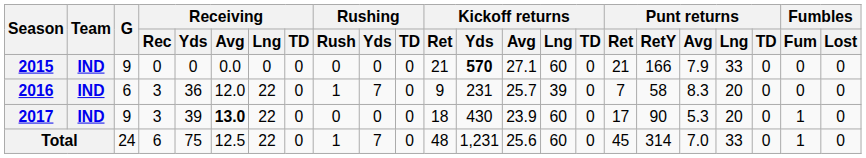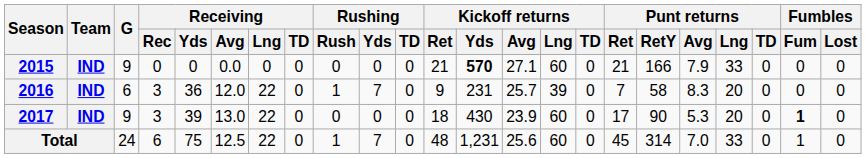 <table class=wikitable style="text-align:center;">
 <tr>
 <th rowspan="2">Season</th>
 <th rowspan="2">Team</th>
 <th rowspan="2">G</th>
 <th ! colspan="5">Receiving</th>
 <th colspan="3">Rushing</th>
 <th colspan="5">Kickoff returns</th>
 <th colspan="5">Punt returns</th>
 <th colspan="2">Fumbles</th>
 </tr>
 <tr>
 <th>Rec</th>
 <th>Yds</th>
 <th>Avg</th>
 <th>Lng</th>
 <th>TD</th>
 <th>Rush</th>
 <th>Yds</th>
 <th>TD</th>
 <th>Ret</th>
 <th>Yds</th>
 <th>Avg</th>
 <th>Lng</th>
 <th>TD</th>
 <th>Ret</th>
 <th>RetY</th>
 <th>Avg</th>
 <th>Lng</th>
 <th>TD</th>
 <th>Fum</th>
 <th>Lost</th>
 </tr>
 <tr>
 <th><a href='#'>2015</a></th>
 <th><a href='#'>IND</a></th>
 <td>9</td>
 <td>0</td>
 <td>0</td>
 <td>0.0</td>
 <td>0</td>
 <td>0</td>
 <td>0</td>
 <td>0</td>
 <td>0</td>
 <td>21</td>
 <td><strong>570</strong></td>
 <td>27.1</td>
 <td>60</td>
 <td>0</td>
 <td>21</td>
 <td>166</td>
 <td>7.9</td>
 <td>33</td>
 <td>0</td>
 <td>0</td>
 <td>0</td>
 </tr>
 <tr>
 <th><a href='#'>2016</a></th>
 <th><a href='#'>IND</a></th>
 <td>6</td>
 <td>3</td>
 <td>36</td>
 <td>12.0</td>
 <td>22</td>
 <td>0</td>
 <td>1</td>
 <td>7</td>
 <td>0</td>
 <td>9</td>
 <td>231</td>
 <td>25.7</td>
 <td>39</td>
 <td>0</td>
 <td>7</td>
 <td>58</td>
 <td>8.3</td>
 <td>20</td>
 <td>0</td>
 <td>0</td>
 <td>0</td>
 </tr>
 <tr>
 <th><a href='#'>2017</a></th>
 <th><a href='#'>IND</a></th>
 <td>9</td>
 <td>3</td>
 <td>39</td>
-<td><strong>13.0</strong></td>
+<td>13.0</td>
 <td>22</td>
 <td>0</td>
 <td>0</td>
 <td>0</td>
 <td>0</td>
 <td>18</td>
 <td>430</td>
 <td>23.9</td>
 <td>60</td>
 <td>0</td>
 <td>17</td>
 <td>90</td>
 <td>5.3</td>
 <td>20</td>
 <td>0</td>
-<td>1</td>
+<td><strong>1</strong></td>
 <td>0</td>
 </tr>
 <tr>
 <th colspan=2>Total</th>
 <td>24</td>
 <td>6</td>
 <td>75</td>
 <td>12.5</td>
 <td>22</td>
 <td>0</td>
 <td>1</td>
 <td>7</td>
 <td>0</td>
 <td>48</td>
 <td>1,231</td>
 <td>25.6</td>
 <td>60</td>
 <td>0</td>
 <td>45</td>
 <td>314</td>
 <td>7.0</td>
 <td>33</td>
 <td>0</td>
 <td>1</td>
 <td>0</td>
 </tr>
 </table>
